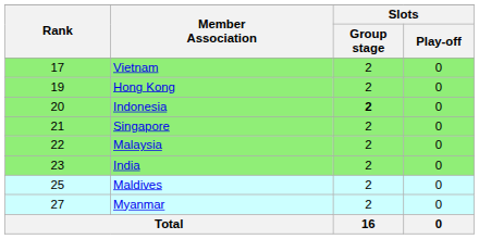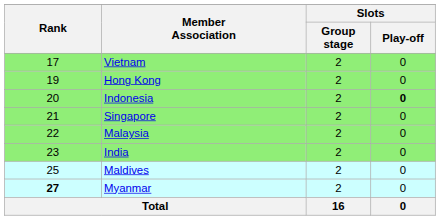 <table class="wikitable" style="text-align:center">
 <tr>
 </tr>
 <tr>
 <th rowspan=2>Rank</th>
 <th rowspan=2>Member<br>Association</th>
 <th colspan=2>Slots</th>
 </tr>
 <tr>
 <th width=15%>Group stage</th>
 <th width=15%>Play-off</th>
 </tr>
 <tr bgcolor=#90EE77>
 <td>17</td>
 <td align=left> <a href='#'>Vietnam</a></td>
 <td>2</td>
 <td>0</td>
 </tr>
 <tr bgcolor=#90EE77>
 <td>19</td>
 <td align=left> <a href='#'>Hong Kong</a></td>
 <td>2</td>
 <td>0</td>
 </tr>
 <tr bgcolor=#90EE77>
 <td>20</td>
 <td align=left> <a href='#'>Indonesia</a></td>
-<td><strong>2</strong></td>
-<td>0</td>
+<td>2</td>
+<td><strong>0</strong></td>
 </tr>
 <tr bgcolor=#90EE77>
 <td>21</td>
 <td align=left> <a href='#'>Singapore</a></td>
 <td>2</td>
 <td>0</td>
 </tr>
 <tr bgcolor=#90EE77>
 <td>22</td>
 <td align=left> <a href='#'>Malaysia</a></td>
 <td>2</td>
 <td>0</td>
 </tr>
 <tr bgcolor=#90EE77>
 <td>23</td>
 <td align=left> <a href='#'>India</a></td>
 <td>2</td>
 <td>0</td>
 </tr>
 <tr bgcolor=#ccffff>
 <td>25</td>
 <td align=left> <a href='#'>Maldives</a></td>
 <td>2</td>
 <td>0</td>
 </tr>
 <tr bgcolor=#ccffff>
-<td>27</td>
+<td><strong>27</strong></td>
 <td align=left> <a href='#'>Myanmar</a></td>
 <td>2</td>
 <td>0</td>
 </tr>
 <tr>
 <th colspan=2>Total</th>
 <th>16</th>
 <th>0</th>
 </tr>
 </table>
